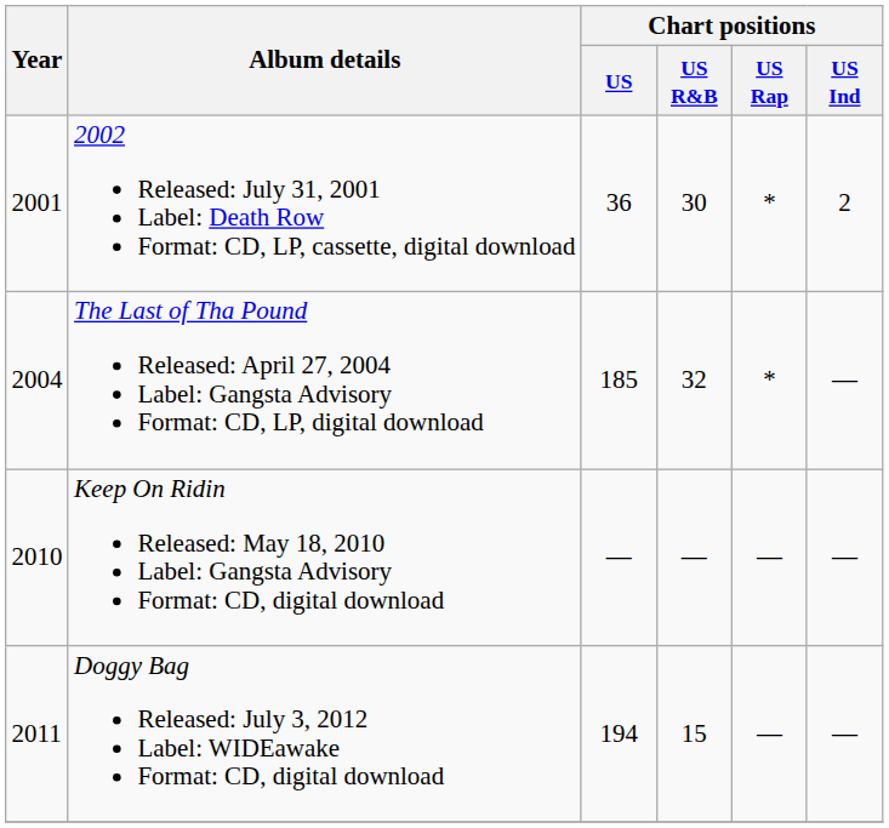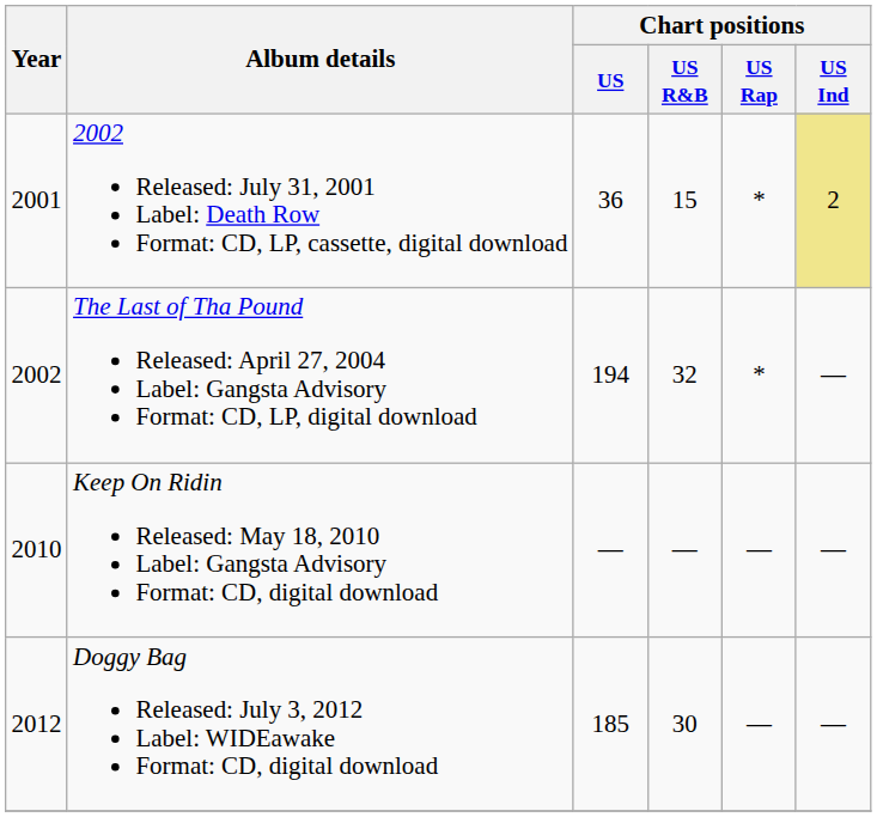 <table class="wikitable">
 <tr>
 <th rowspan="2">Year</th>
 <th rowspan="2">Album details</th>
 <th colspan="4">Chart positions</th>
 </tr>
 <tr>
 <th width="40"><small><a href='#'>US</a></small></th>
 <th width="40"><small><a href='#'>US R&B</a></small></th>
 <th width="40"><small><a href='#'>US Rap</a></small></th>
 <th width="40"><small><a href='#'>US Ind</a></small></th>
 </tr>
 <tr>
 <td>2001</td>
 <td><em><a href='#'>2002</a></em><br><ul><li>Released: July 31, 2001</li><li>Label: <a href='#'>Death Row</a></li><li>Format: CD, LP, cassette, digital download</li></ul></td>
 <td align="center">36</td>
-<td align="center">30</td>
+<td align="center">15</td>
 <td align="center">*</td>
-<td align="center">2</td>
+<td align="center" style="background: khaki;">2</td>
 </tr>
 <tr>
-<td>2004</td>
+<td>2002</td>
 <td><em><a href='#'>The Last of Tha Pound</a></em><br><ul><li>Released: April 27, 2004</li><li>Label: Gangsta Advisory</li><li>Format: CD, LP, digital download</li></ul></td>
-<td align="center">185</td>
+<td align="center">194</td>
 <td align="center">32</td>
 <td align="center">*</td>
 <td align="center">—</td>
 </tr>
 <tr>
 <td>2010</td>
 <td><em>Keep On Ridin</em><br><ul><li>Released: May 18, 2010</li><li>Label: Gangsta Advisory</li><li>Format: CD, digital download</li></ul></td>
 <td align="center">—</td>
 <td align="center">—</td>
 <td align="center">—</td>
 <td align="center">—</td>
 </tr>
 <tr>
-<td>2011</td>
+<td>2012</td>
 <td><em>Doggy Bag</em><br><ul><li>Released: July 3, 2012</li><li>Label: WIDEawake</li><li>Format: CD, digital download</li></ul></td>
-<td align="center">194</td>
-<td align="center">15</td>
+<td align="center">185</td>
+<td align="center">30</td>
 <td align="center">—</td>
 <td align="center">—</td>
 </tr>
 <tr>
 </tr>
 </table>
